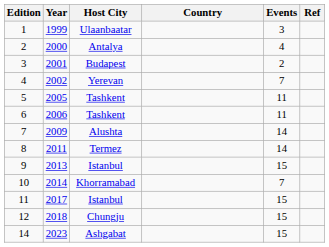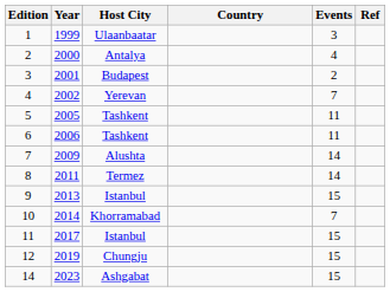 <table class="wikitable" style="text-align:center">
 <tr>
 <th width=30>Edition</th>
 <th width=30>Year</th>
 <th width=100>Host City</th>
 <th width=175>Country</th>
 <th width=30>Events</th>
 <th width=30>Ref</th>
 </tr>
 <tr>
 <td>1</td>
 <td><a href='#'>1999</a></td>
 <td><a href='#'>Ulaanbaatar</a></td>
 <td align="left"></td>
 <td>3</td>
 <td></td>
 </tr>
 <tr>
 <td>2</td>
 <td><a href='#'>2000</a></td>
 <td><a href='#'>Antalya</a></td>
 <td align="left"></td>
 <td>4</td>
 <td></td>
 </tr>
 <tr>
 <td>3</td>
 <td><a href='#'>2001</a></td>
 <td><a href='#'>Budapest</a></td>
 <td align="left"></td>
 <td>2</td>
 <td></td>
 </tr>
 <tr>
 <td>4</td>
 <td><a href='#'>2002</a></td>
 <td><a href='#'>Yerevan</a></td>
 <td align="left"></td>
 <td>7</td>
 <td></td>
 </tr>
 <tr>
 <td>5</td>
 <td><a href='#'>2005</a></td>
 <td><a href='#'>Tashkent</a></td>
 <td align="left"></td>
 <td>11</td>
 <td></td>
 </tr>
 <tr>
 <td>6</td>
 <td><a href='#'>2006</a></td>
 <td><a href='#'>Tashkent</a></td>
 <td align="left"></td>
 <td>11</td>
 <td></td>
 </tr>
 <tr>
 <td>7</td>
 <td><a href='#'>2009</a></td>
 <td><a href='#'>Alushta</a></td>
 <td align="left"></td>
 <td>14</td>
 <td></td>
 </tr>
 <tr>
 <td>8</td>
 <td><a href='#'>2011</a></td>
 <td><a href='#'>Termez</a></td>
 <td align="left"></td>
 <td>14</td>
 <td></td>
 </tr>
 <tr>
 <td>9</td>
 <td><a href='#'>2013</a></td>
 <td><a href='#'>Istanbul</a></td>
 <td align="left"></td>
 <td>15</td>
 <td></td>
 </tr>
 <tr>
 <td>10</td>
 <td><a href='#'>2014</a></td>
 <td><a href='#'>Khorramabad</a></td>
 <td align="left"></td>
 <td>7</td>
 <td></td>
 </tr>
 <tr>
 <td>11</td>
 <td><a href='#'>2017</a></td>
 <td><a href='#'>Istanbul</a></td>
 <td align="left"></td>
 <td>15</td>
 <td></td>
 </tr>
 <tr>
 <td>12</td>
-<td><a href='#'>2018</a></td>
+<td><a href='#'>2019</a></td>
 <td><a href='#'>Chungju</a></td>
 <td align="left"></td>
 <td>15</td>
 <td></td>
 </tr>
 <tr>
 <td>14</td>
 <td><a href='#'>2023</a></td>
 <td><a href='#'>Ashgabat</a></td>
 <td align="left"></td>
 <td>15 </td>
 <td></td>
 </tr>
 </table>
